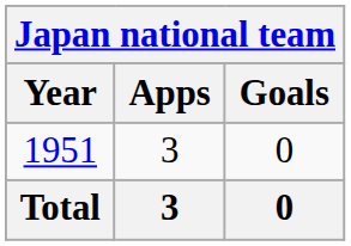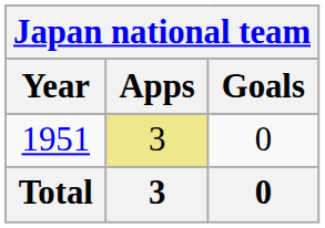 <table class="wikitable" style="text-align:center">
 <tr>
 <th colspan=3><a href='#'>Japan national team</a></th>
 </tr>
 <tr>
 <th>Year</th>
 <th>Apps</th>
 <th>Goals</th>
 </tr>
 <tr>
 <td><a href='#'>1951</a></td>
-<td>3</td>
+<td style="background: khaki;">3</td>
 <td>0</td>
 </tr>
 <tr>
 <th>Total</th>
 <th>3</th>
 <th>0</th>
 </tr>
 </table>
